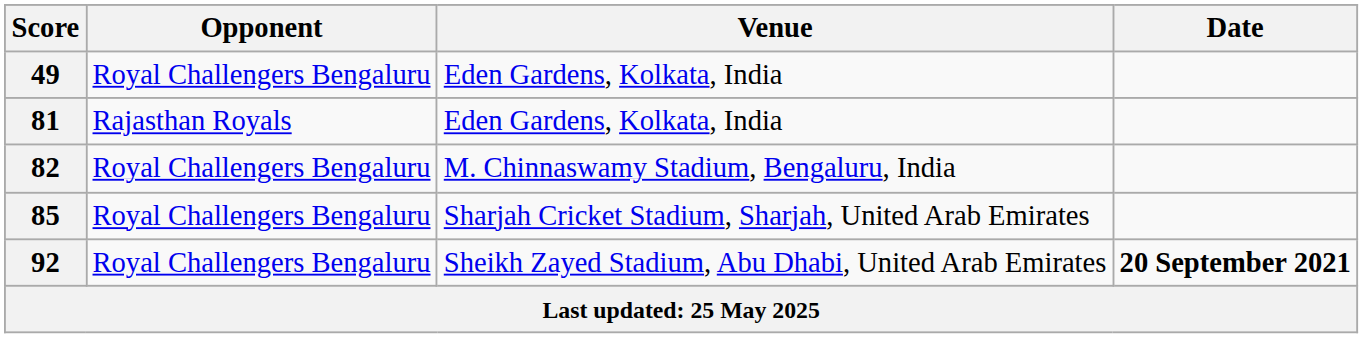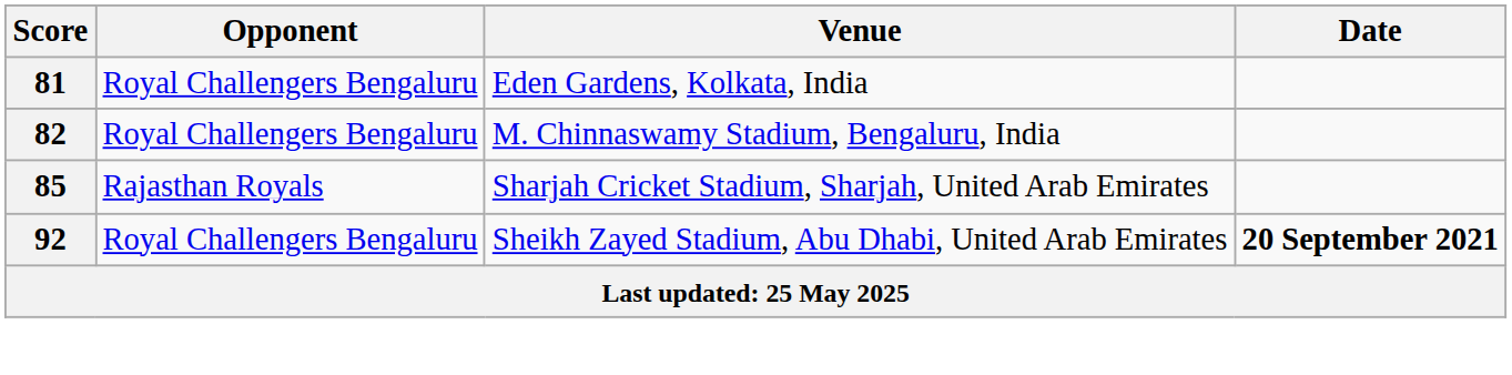 <table class="wikitable" style="text-align:left;font-size:96%;">
 <tr>
 <th><strong>Score</strong></th>
 <th><strong>Opponent</strong></th>
 <th><strong>Venue</strong></th>
 <th><strong>Date</strong></th>
 </tr>
 <tr>
-<th>49</th>
+<th>81</th>
 <td><a href='#'>Royal Challengers Bengaluru</a></td>
-<td><a href='#'>Eden Gardens</a>, <a href='#'>Kolkata</a>, India</td>
-<td></td>
-</tr>
-<tr>
-<th>81</th>
-<td><a href='#'>Rajasthan Royals</a></td>
 <td><a href='#'>Eden Gardens</a>, <a href='#'>Kolkata</a>, India</td>
 <td></td>
 </tr>
 <tr>
 <th>82</th>
 <td><a href='#'>Royal Challengers Bengaluru</a></td>
 <td><a href='#'>M. Chinnaswamy Stadium</a>, <a href='#'>Bengaluru</a>, India</td>
 <td></td>
 </tr>
 <tr>
 <th>85</th>
-<td><a href='#'>Royal Challengers Bengaluru</a></td>
+<td><a href='#'>Rajasthan Royals</a></td>
 <td><a href='#'>Sharjah Cricket Stadium</a>, <a href='#'>Sharjah</a>, United Arab Emirates</td>
 <td></td>
 </tr>
 <tr>
 <th>92</th>
 <td><a href='#'>Royal Challengers Bengaluru</a></td>
 <td><a href='#'>Sheikh Zayed Stadium</a>, <a href='#'>Abu Dhabi</a>, United Arab Emirates</td>
 <td><strong>20 September 2021</strong></td>
 </tr>
 <tr class=sortbottom>
 <th colspan="4"><small>Last updated: 25 May 2025</small></th>
 </tr>
 </table>
